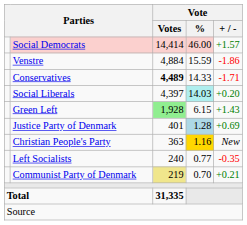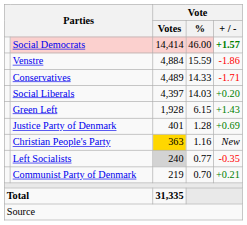 <table class="wikitable" style="text-align:right;">
 <tr>
 <th style="text-align:centre;" rowspan="2" colspan="2" width="225">Parties</th>
 <th colspan="3">Vote</th>
 </tr>
 <tr>
 <th width="15">Votes</th>
 <th width="15">%</th>
 <th width="15">+ / -</th>
 </tr>
 <tr>
 <td width="2" style="color:inherit;background:"></td>
 <td bgcolor=#fbd0ce  align="left"><a href='#'>Social Democrats</a></td>
 <td bgcolor=#fbd0ce>14,414</td>
 <td bgcolor=#fbd0ce>46.00</td>
-<td style=color:green;>+1.57</td>
+<td style=color:green;><strong>+1.57</strong></td>
 </tr>
 <tr>
 <td width="2" style="color:inherit;background:"></td>
 <td align="left"><a href='#'>Venstre</a></td>
 <td>4,884</td>
 <td>15.59</td>
 <td style=color:red;>-1.86</td>
 </tr>
 <tr>
 <td width="2" style="color:inherit;background:"></td>
 <td align="left"><a href='#'>Conservatives</a></td>
-<td><strong>4,489</strong></td>
+<td>4,489</td>
 <td>14.33</td>
 <td style=color:red;>-1.71</td>
 </tr>
 <tr>
 <td width="2" style="color:inherit;background:"></td>
 <td align="left"><a href='#'>Social Liberals</a></td>
 <td>4,397</td>
-<td style="background: paleturquoise;">14.03</td>
+<td>14.03</td>
 <td style=color:green;>+0.20</td>
 </tr>
 <tr>
 <td width="2" style="color:inherit;background:"></td>
 <td align="left"><a href='#'>Green Left</a></td>
-<td style="background: lightgreen;">1,928</td>
+<td>1,928</td>
 <td>6.15</td>
 <td style=color:green;>+1.43</td>
 </tr>
 <tr>
 <td width="2" style="color:inherit;background:"></td>
 <td align="left"><a href='#'>Justice Party of Denmark</a></td>
 <td>401</td>
-<td style="background: lightblue;">1.28</td>
+<td>1.28</td>
 <td style=color:green;>+0.69</td>
 </tr>
 <tr>
 <td width="2" style="color:inherit;background:"></td>
 <td align="left"><a href='#'>Christian People's Party</a></td>
-<td>363</td>
-<td style="background: gold;">1.16</td>
+<td style="background: gold;">363</td>
+<td>1.16</td>
 <td><em>New</em></td>
 </tr>
 <tr>
 <td width="2" style="color:inherit;background:"></td>
 <td align="left"><a href='#'>Left Socialists</a></td>
-<td>240</td>
+<td style="background: lightgrey;">240</td>
 <td>0.77</td>
 <td style=color:red;>-0.35</td>
 </tr>
 <tr>
 <td width="2" style="color:inherit;background:"></td>
 <td align="left"><a href='#'>Communist Party of Denmark</a></td>
-<td style="background: khaki;">219</td>
+<td>219</td>
 <td>0.70</td>
 <td style=color:green;>+0.21</td>
 </tr>
 <tr>
 <td colspan="7" bgcolor="#E9E9E9"></td>
 </tr>
 <tr>
 <td align="left" colspan="2"><strong>Total</strong></td>
 <td><strong>31,335</strong></td>
 <td bgcolor="#E9E9E9" colspan="2"></td>
 </tr>
 <tr>
 <td align="left" colspan="6">Source</td>
 </tr>
 </table>
